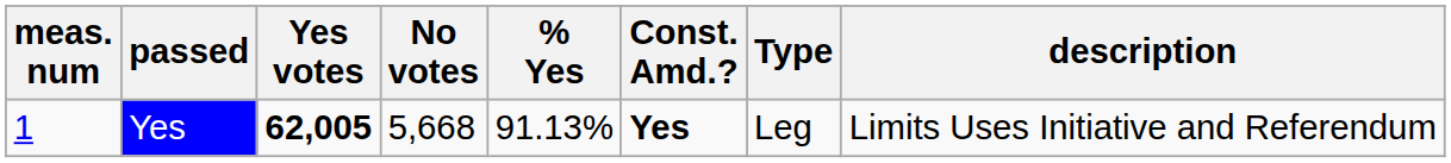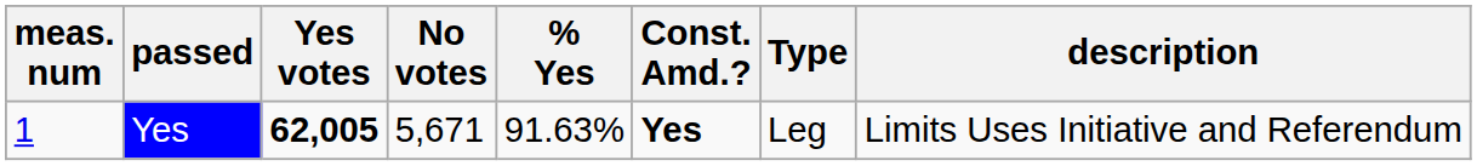 <table class="wikitable sortable">
 <tr>
 <th>meas.<br>num</th>
 <th>passed</th>
 <th>Yes<br>votes</th>
 <th>No<br>votes</th>
 <th>%<br>Yes</th>
 <th>Const.<br>Amd.?</th>
 <th>Type</th>
 <th>description</th>
 </tr>
 <tr>
 <td><a href='#'>1</a></td>
 <td style="background:blue;color:white">Yes</td>
 <td><strong>62,005</strong></td>
-<td>5,668</td>
-<td>91.13%</td>
+<td>5,671</td>
+<td>91.63%</td>
 <td><strong>Yes</strong></td>
 <td>Leg</td>
 <td>Limits Uses Initiative and Referendum</td>
 </tr>
 </table>
